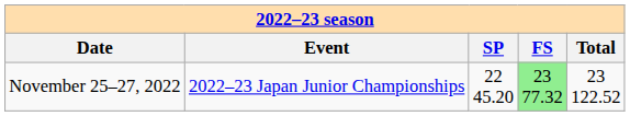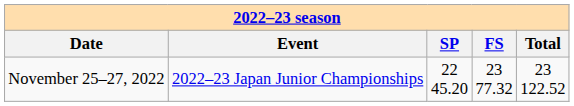 <table class="wikitable">
 <tr>
 <th colspan="5" style="background-color: #ffdead; " align="center"><a href='#'>2022–23 season</a></th>
 </tr>
 <tr>
 <th>Date</th>
 <th>Event</th>
 <th><a href='#'>SP</a></th>
 <th><a href='#'>FS</a></th>
 <th>Total</th>
 </tr>
 <tr>
 <td>November 25–27, 2022</td>
 <td><a href='#'>2022–23 Japan Junior Championships</a></td>
 <td align=center>22 <br> 45.20</td>
-<td align=center style="background: lightgreen;">23 <br> 77.32</td>
+<td align=center>23 <br> 77.32</td>
 <td align=center>23 <br> 122.52</td>
 </tr>
 </table>
